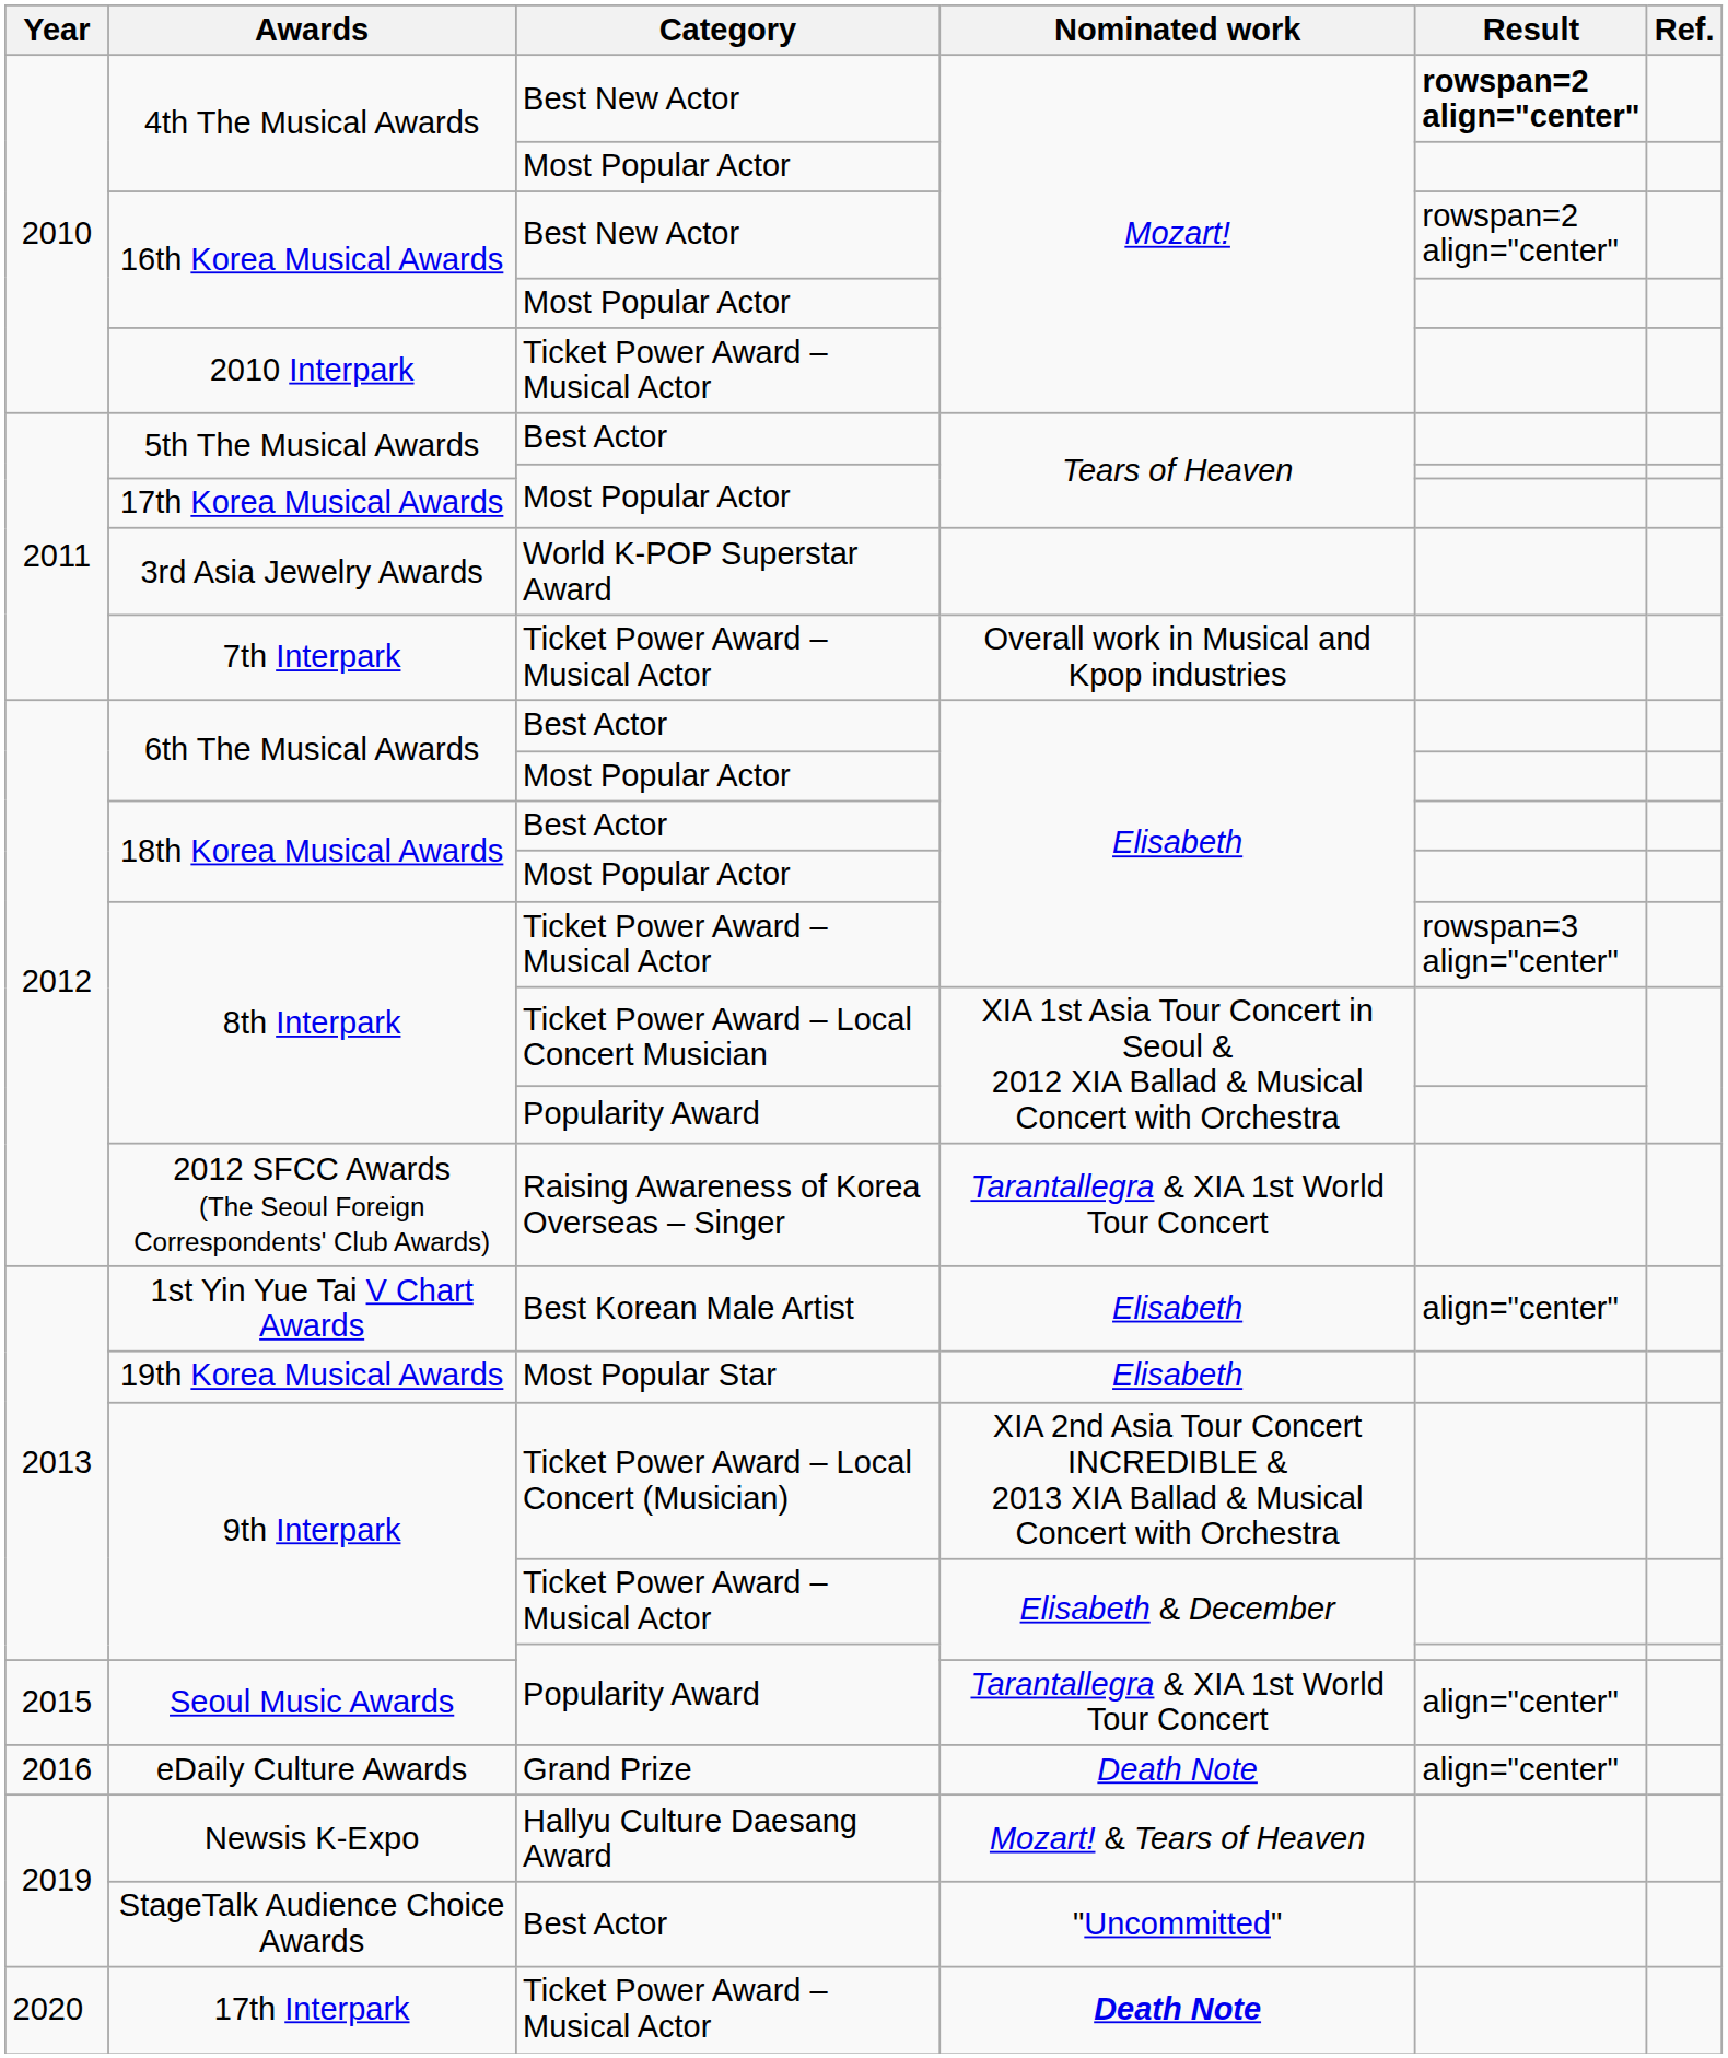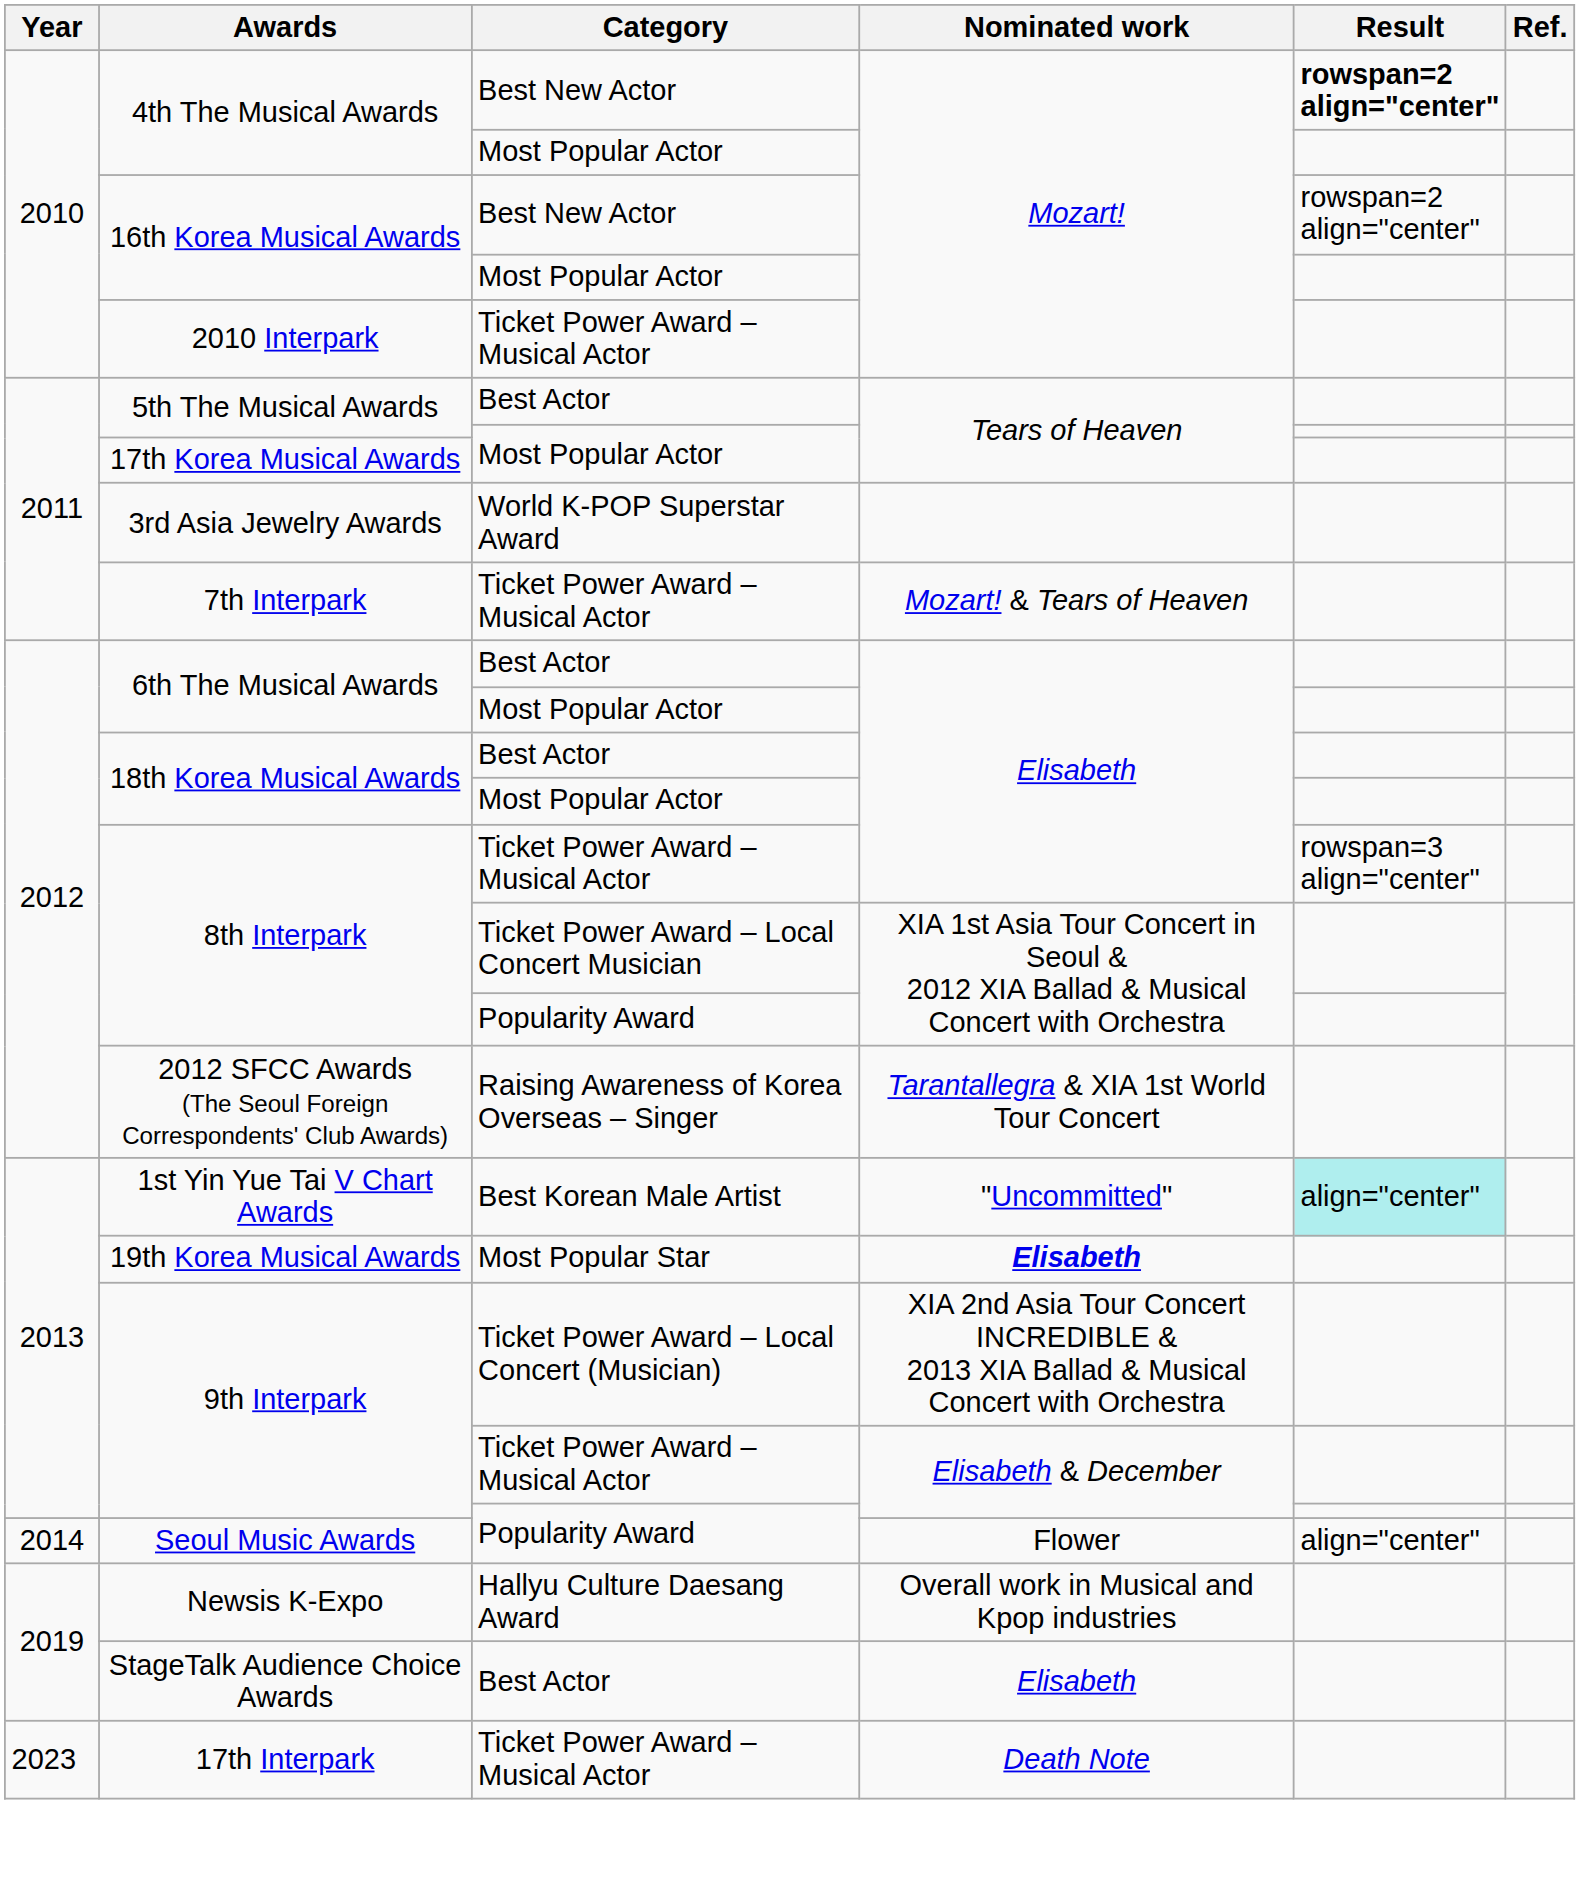 <table class="wikitable">
 <tr>
 <th width="50">Year</th>
 <th width="260">Awards</th>
 <th width="285">Category</th>
 <th width="310">Nominated work</th>
 <th width="75">Result</th>
 <th>Ref.</th>
 </tr>
 <tr>
 <td rowspan=5 align="center">2010</td>
 <td rowspan=2 align="center">4th The Musical Awards</td>
 <td>Best New Actor</td>
 <td rowspan=5 align="center"><em><a href='#'>Mozart!</a></em></td>
 <td><strong>rowspan=2 align="center" </strong></td>
 <td></td>
 </tr>
 <tr>
 <td>Most Popular Actor</td>
 <td></td>
 </tr>
 <tr>
 <td rowspan=2 align="center">16th <a href='#'>Korea Musical Awards</a></td>
 <td>Best New Actor</td>
 <td>rowspan=2 align="center" </td>
 <td></td>
 </tr>
 <tr>
 <td>Most Popular Actor</td>
 <td></td>
 </tr>
 <tr>
 <td rowspan=1 align="center">2010 <a href='#'>Interpark</a> </td>
 <td>Ticket Power Award – Musical Actor</td>
 <td></td>
 <td></td>
 </tr>
 <tr>
 <td rowspan=5 align="center">2011</td>
 <td rowspan=2 align="center">5th The Musical Awards</td>
 <td>Best Actor</td>
 <td rowspan=3 align="center"><em>Tears of Heaven</em></td>
 <td></td>
 <td></td>
 </tr>
 <tr>
 <td rowspan="2">Most Popular Actor</td>
 <td></td>
 <td></td>
 </tr>
 <tr>
 <td align="center">17th <a href='#'>Korea Musical Awards</a></td>
 <td></td>
 <td></td>
 </tr>
 <tr>
 <td align="center">3rd Asia Jewelry Awards</td>
 <td>World K-POP Superstar Award</td>
 <td></td>
 <td></td>
 <td></td>
 </tr>
 <tr>
 <td align="center">7th <a href='#'>Interpark</a> </td>
 <td>Ticket Power Award – Musical Actor</td>
-<td align="center">Overall work in Musical and Kpop industries</td>
+<td align="center"><em><a href='#'>Mozart!</a></em> & <em>Tears of Heaven</em></td>
 <td></td>
 <td></td>
 </tr>
 <tr>
 <td rowspan=8 align="center">2012</td>
 <td rowspan=2 align="center">6th The Musical Awards</td>
 <td>Best Actor</td>
 <td rowspan=5 align="center"><em><a href='#'>Elisabeth</a></em></td>
 <td></td>
 <td></td>
 </tr>
 <tr>
 <td>Most Popular Actor</td>
 <td></td>
 <td></td>
 </tr>
 <tr>
 <td rowspan=2 align="center">18th <a href='#'>Korea Musical Awards</a></td>
 <td>Best Actor</td>
 <td></td>
 <td></td>
 </tr>
 <tr>
 <td>Most Popular Actor</td>
 <td></td>
 <td></td>
 </tr>
 <tr>
 <td rowspan=3 align="center">8th <a href='#'>Interpark</a> </td>
 <td>Ticket Power Award – Musical Actor</td>
 <td>rowspan=3 align="center" </td>
 <td></td>
 </tr>
 <tr>
 <td>Ticket Power Award – Local Concert Musician</td>
 <td rowspan=2 align="center">XIA 1st Asia Tour Concert in Seoul &<br>2012 XIA Ballad & Musical Concert with Orchestra</td>
 <td></td>
 </tr>
 <tr>
 <td>Popularity Award</td>
 <td></td>
 </tr>
 <tr>
 <td align="center">2012 SFCC Awards<br><small>(The Seoul Foreign Correspondents' Club Awards)</small></td>
 <td>Raising Awareness of Korea Overseas – Singer</td>
 <td align="center"><em><a href='#'>Tarantallegra</a></em> & XIA 1st World Tour Concert</td>
 <td></td>
 <td></td>
 </tr>
 <tr>
 <td rowspan=5 align="center">2013</td>
 <td align="center">1st Yin Yue Tai <a href='#'>V Chart Awards</a></td>
 <td>Best Korean Male Artist</td>
-<td align="center"><em><a href='#'>Elisabeth</a></em></td>
-<td>align="center" </td>
+<td align="center">"<a href='#'>Uncommitted</a>"</td>
+<td style="background: paleturquoise;">align="center" </td>
 <td></td>
 </tr>
 <tr>
 <td align="center">19th <a href='#'>Korea Musical Awards</a></td>
 <td>Most Popular Star</td>
-<td align="center"><em><a href='#'>Elisabeth</a></em></td>
+<td align="center"><strong><em><a href='#'>Elisabeth</a></em></strong></td>
 <td></td>
 <td></td>
 </tr>
 <tr>
 <td rowspan=3 align="center">9th <a href='#'>Interpark</a> </td>
 <td>Ticket Power Award – Local Concert (Musician)</td>
 <td align="center">XIA 2nd Asia Tour Concert INCREDIBLE &<br>2013 XIA Ballad & Musical Concert with Orchestra</td>
 <td></td>
 <td></td>
 </tr>
 <tr>
 <td>Ticket Power Award – Musical Actor</td>
 <td rowspan="2" align="center"><em><a href='#'>Elisabeth</a></em> & <em>December</em></td>
 <td></td>
 <td></td>
 </tr>
 <tr>
 <td rowspan="2">Popularity Award</td>
 <td></td>
 <td></td>
 </tr>
 <tr>
-<td rowspan=1 align="center">2015</td>
+<td rowspan=1 align="center">2014</td>
 <td align="center"><a href='#'>Seoul Music Awards</a></td>
-<td align="center"><em><a href='#'>Tarantallegra</a></em> & XIA 1st World Tour Concert</td>
-<td>align="center" </td>
-<td></td>
-</tr>
-<tr>
-<td rowspan=1 align="center">2016</td>
-<td align="center">eDaily Culture Awards</td>
-<td>Grand Prize</td>
-<td align="center"><em><a href='#'>Death Note</a></em></td>
+<td align="center">Flower</td>
 <td>align="center" </td>
 <td></td>
 </tr>
 <tr>
 <td rowspan=2 align="center">2019</td>
 <td align="center">Newsis K-Expo</td>
 <td>Hallyu Culture Daesang Award</td>
-<td align="center"><em><a href='#'>Mozart!</a></em> & <em>Tears of Heaven</em></td>
+<td align="center">Overall work in Musical and Kpop industries</td>
 <td></td>
 <td></td>
 </tr>
 <tr>
 <td align="center">StageTalk Audience Choice Awards</td>
 <td>Best Actor</td>
-<td align="center">"<a href='#'>Uncommitted</a>"</td>
+<td align="center"><em><a href='#'>Elisabeth</a></em></td>
 <td></td>
 <td></td>
 </tr>
 <tr>
-<td>2020</td>
+<td>2023</td>
 <td align="center">17th <a href='#'>Interpark</a> </td>
 <td>Ticket Power Award – Musical Actor</td>
-<td align="center"><strong><em><a href='#'>Death Note</a></em></strong></td>
+<td align="center"><em><a href='#'>Death Note</a></em></td>
 <td></td>
 <td></td>
 </tr>
 </table>
